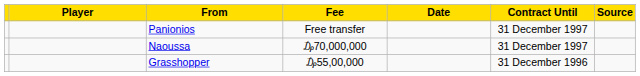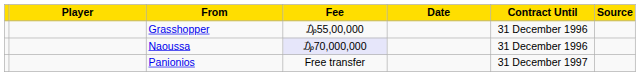 <table class="wikitable sortable">
 <tr>
 <th style="background:#FFDE00"></th>
 <th width=200 style="background:#FFDE00">Player</th>
 <th width=200 style="background:#FFDE00">From</th>
 <th width=150 style="background:#FFDE00">Fee</th>
 <th width=150 style="background:#FFDE00">Date</th>
 <th width=150 style="background:#FFDE00">Contract Until</th>
 <th style="background:#FFDE00">Source</th>
 </tr>
 <tr>
 <td align=center></td>
 <td></td>
+<td> <a href='#'>Grasshopper</a></td>
+<td align=center>₯55,00,000</td>
+<td align=center></td>
+<td align=center>31 December 1996</td>
+<td align=center></td>
+</tr>
+<tr>
+<td align=center></td>
+<td></td>
+<td> <a href='#'>Naoussa</a></td>
+<td align=center style="background: lavender;">₯70,000,000</td>
+<td align=center></td>
+<td align=center>31 December 1996</td>
+<td align=center></td>
+</tr>
+<tr>
+<td align=center></td>
+<td></td>
 <td> <a href='#'>Panionios</a></td>
 <td align=center>Free transfer</td>
 <td align=center></td>
 <td align=center>31 December 1997</td>
 <td align=center></td>
 </tr>
-<tr>
-<td align=center></td>
-<td></td>
-<td> <a href='#'>Naoussa</a></td>
-<td align=center>₯70,000,000</td>
-<td align=center></td>
-<td align=center>31 December 1997</td>
-<td align=center></td>
-</tr>
-<tr>
-<td align=center></td>
-<td></td>
-<td> <a href='#'>Grasshopper</a></td>
-<td align=center>₯55,00,000</td>
-<td align=center></td>
-<td align=center>31 December 1996</td>
-<td align=center></td>
-</tr>
 </table>
